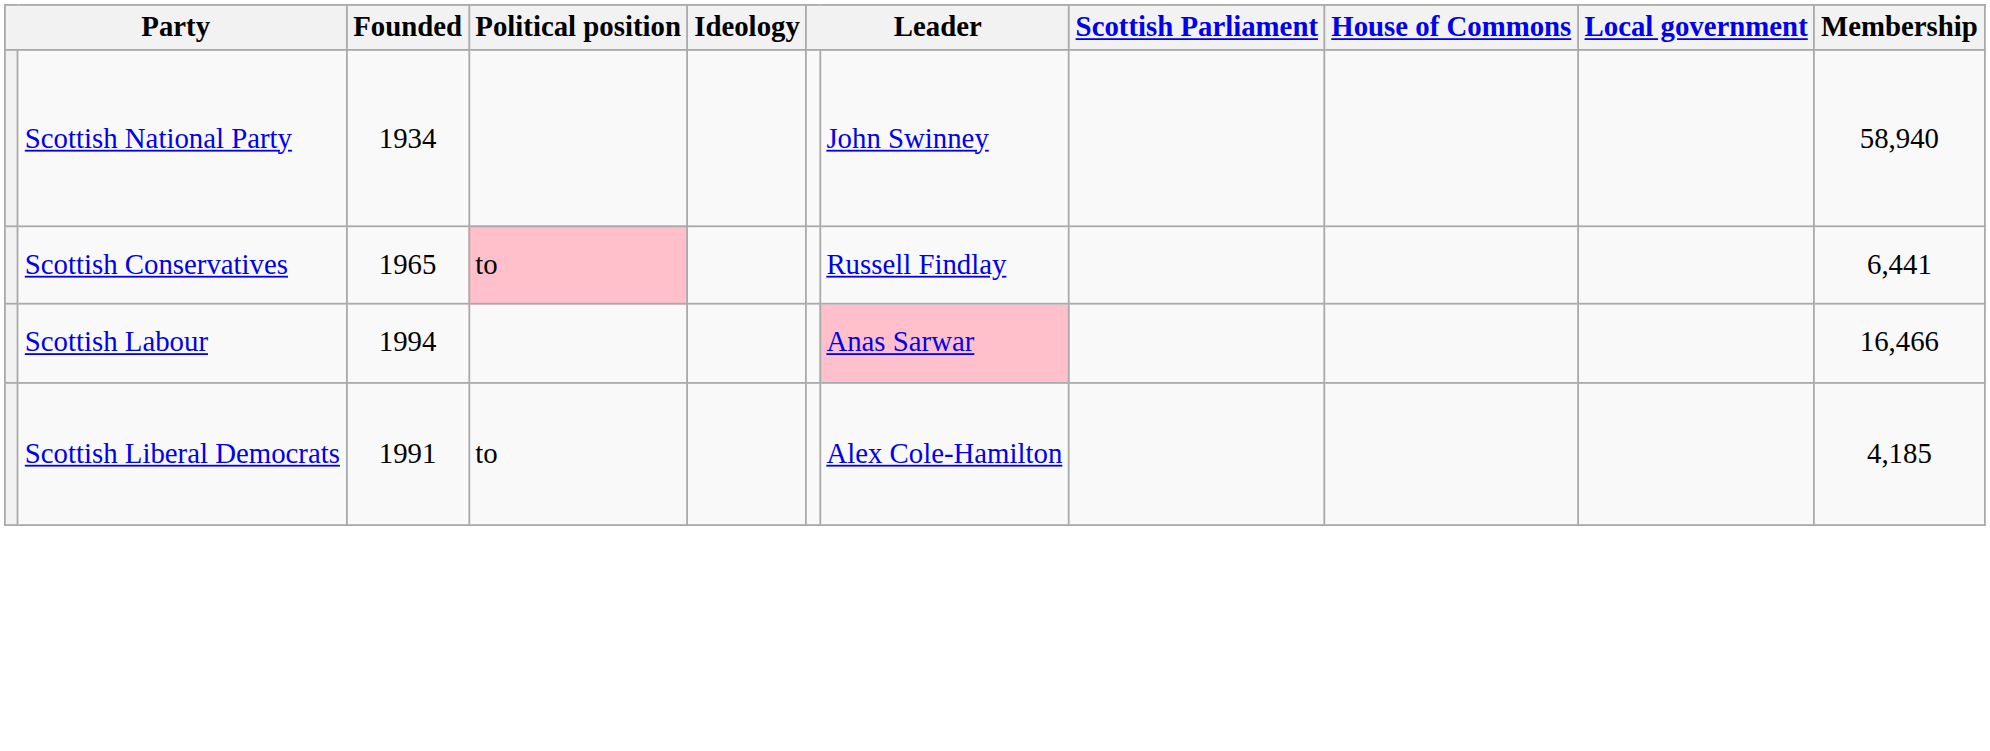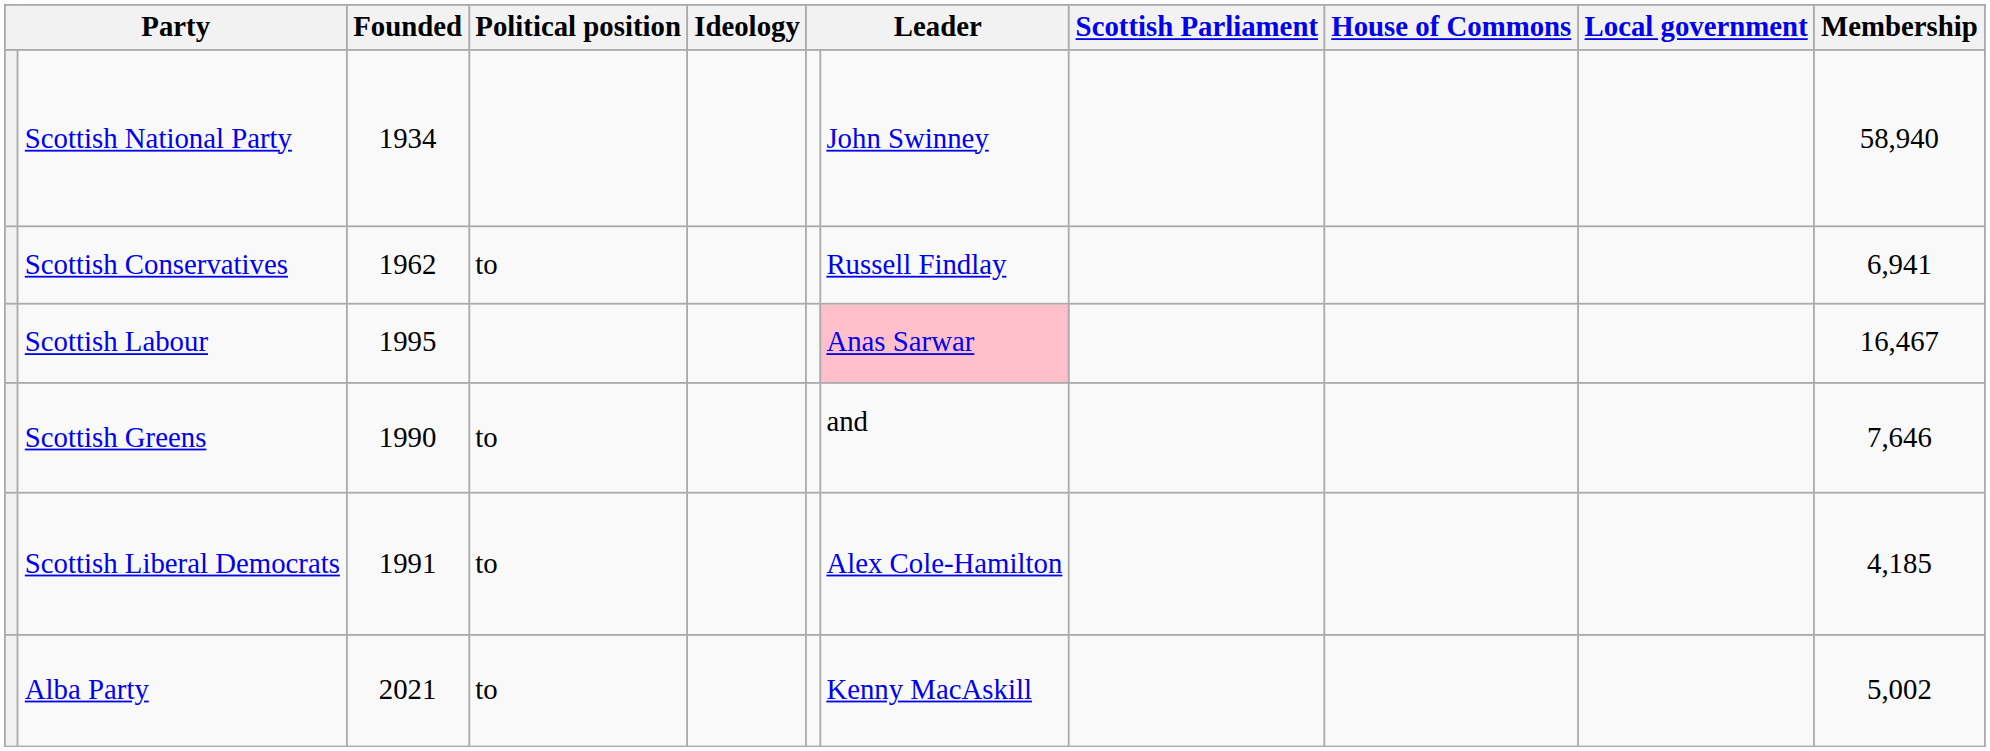 <table class ="wikitable sortable">
 <tr style="background:#ccc;">
 <th colspan="2" scope="col" class="unsortable"  style="width:20px; text-align:center;">Party</th>
 <th scope="col" class="unsortable">Founded</th>
 <th scope="col" class="unsortable">Political position</th>
 <th scope="col" class="unsortable">Ideology</th>
 <th colspan="2" class="unsortable">Leader</th>
 <th data-sort-type="number"><a href='#'>Scottish Parliament</a></th>
 <th data-sort-type="number"><a href='#'>House of Commons</a></th>
 <th data-sort-type="number"><a href='#'>Local government</a></th>
 <th scope="col" class="unsortable">Membership</th>
 </tr>
 <tr>
 <th style="background-color: "></th>
 <td><a href='#'>Scottish National Party</a></td>
 <td align=center>1934</td>
 <td></td>
 <td><br><br><br><br><br></td>
 <td></td>
 <td><a href='#'>John Swinney</a></td>
 <td align=left></td>
 <td align=left></td>
 <td align=left></td>
 <td align=center>58,940</td>
 </tr>
 <tr>
 <th style="background-color: "></th>
 <td><a href='#'>Scottish Conservatives</a></td>
-<td align=center>1965</td>
-<td style="background: pink;"> to </td>
+<td align=center>1962</td>
+<td> to </td>
 <td><br><br></td>
 <td></td>
 <td><a href='#'>Russell Findlay</a></td>
 <td align=left></td>
 <td align=left></td>
 <td align=left></td>
-<td align=center>6,441</td>
+<td align=center>6,941</td>
 </tr>
 <tr>
 <th style="background-color: "></th>
 <td><a href='#'>Scottish Labour</a></td>
-<td align=center>1994</td>
+<td align=center>1995</td>
 <td></td>
 <td><br><br></td>
 <td></td>
 <td style="background: pink;"><a href='#'>Anas Sarwar</a></td>
 <td align=left></td>
 <td align=left></td>
 <td align=left></td>
-<td align=center>16,466</td>
+<td align=center>16,467</td>
+</tr>
+<tr>
+<th style="background-color: "></th>
+<td><a href='#'>Scottish Greens</a></td>
+<td align="center">1990</td>
+<td> to </td>
+<td><br><br><br></td>
+<td><br></td>
+<td> and <br> <br></td>
+<td align="left"></td>
+<td align="left"></td>
+<td align="left"></td>
+<td align="center">7,646</td>
 </tr>
 <tr>
 <th style="background-color: "></th>
 <td><a href='#'>Scottish Liberal Democrats</a></td>
 <td align=center>1991</td>
 <td> to </td>
 <td><br><br><br><br></td>
 <td></td>
 <td><a href='#'>Alex Cole-Hamilton</a></td>
 <td align=left></td>
 <td align=left></td>
 <td align=left></td>
 <td align=center>4,185</td>
 </tr>
+<tr>
+<th style="background-color: "></th>
+<td><a href='#'>Alba Party</a></td>
+<td align=center>2021</td>
+<td> to </td>
+<td><br><br><br></td>
+<td></td>
+<td><a href='#'>Kenny MacAskill</a></td>
+<td align=left></td>
+<td align=left></td>
+<td align=left></td>
+<td align=center>5,002</td>
+</tr>
 </table>
